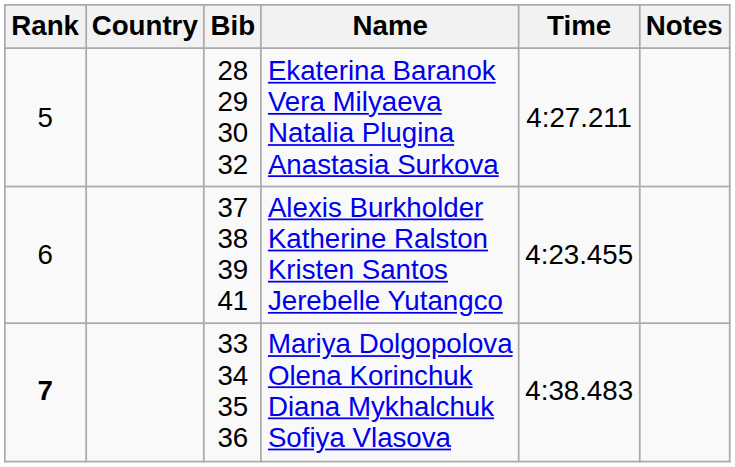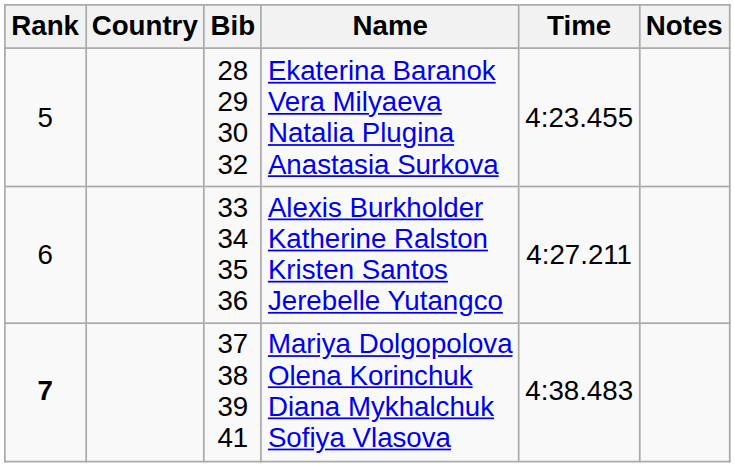 <table class="wikitable sortable" style="text-align:center">
 <tr>
 <th>Rank</th>
 <th>Country</th>
 <th>Bib</th>
 <th>Name</th>
 <th>Time</th>
 <th>Notes</th>
 </tr>
 <tr>
 <td>5</td>
 <td align=left></td>
 <td>28<br>29<br>30<br>32</td>
 <td align=left><a href='#'>Ekaterina Baranok</a><br><a href='#'>Vera Milyaeva</a><br><a href='#'>Natalia Plugina</a><br><a href='#'>Anastasia Surkova</a></td>
-<td>4:27.211</td>
+<td>4:23.455</td>
 <td></td>
 </tr>
 <tr>
 <td>6</td>
 <td align=left></td>
-<td>37<br>38<br>39<br>41</td>
+<td>33<br>34<br>35<br>36</td>
 <td align=left><a href='#'>Alexis Burkholder</a><br><a href='#'>Katherine Ralston</a><br><a href='#'>Kristen Santos</a><br><a href='#'>Jerebelle Yutangco</a></td>
-<td>4:23.455</td>
+<td>4:27.211</td>
 <td></td>
 </tr>
 <tr>
 <td><strong>7</strong></td>
 <td align=left></td>
-<td>33<br>34<br>35<br>36</td>
+<td>37<br>38<br>39<br>41</td>
 <td align=left><a href='#'>Mariya Dolgopolova</a><br><a href='#'>Olena Korinchuk</a><br><a href='#'>Diana Mykhalchuk</a><br><a href='#'>Sofiya Vlasova</a></td>
 <td>4:38.483</td>
 <td></td>
 </tr>
 </table>
